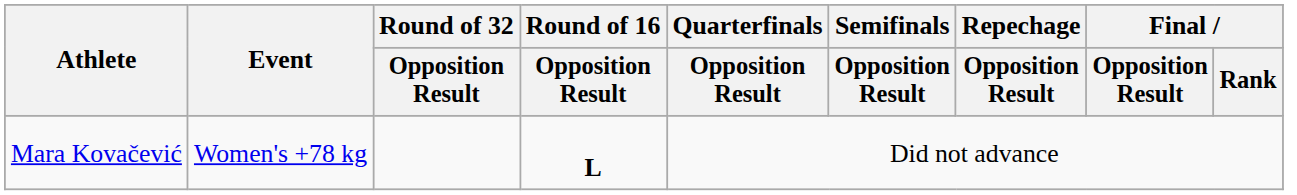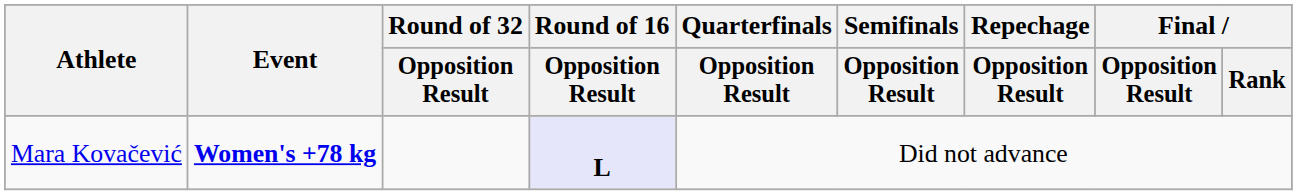 <table class="wikitable" style="font-size:90%">
 <tr>
 <th rowspan=2>Athlete</th>
 <th rowspan=2>Event</th>
 <th>Round of 32</th>
 <th>Round of 16</th>
 <th>Quarterfinals</th>
 <th>Semifinals</th>
 <th>Repechage</th>
 <th colspan=2>Final / </th>
 </tr>
 <tr style="font-size:95%">
 <th>Opposition<br>Result</th>
 <th>Opposition<br>Result</th>
 <th>Opposition<br>Result</th>
 <th>Opposition<br>Result</th>
 <th>Opposition<br>Result</th>
 <th>Opposition<br>Result</th>
 <th>Rank</th>
 </tr>
 <tr align=center>
 <td align=left><a href='#'>Mara Kovačević</a></td>
-<td align=left><a href='#'>Women's +78 kg</a></td>
+<td align=left><strong><a href='#'>Women's +78 kg</a></strong></td>
 <td></td>
-<td><br><strong>L</strong></td>
+<td style="background: lavender;"><br><strong>L</strong></td>
 <td colspan=5 align=center>Did not advance</td>
 </tr>
 </table>
